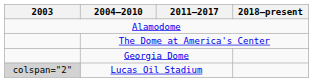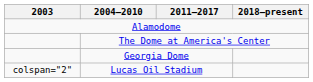 <table class="wikitable" style="text-align: center;">
 <tr>
 <th style="min-width: 8em;">2003</th>
 <th style="min-width: 8em;">2004–2010</th>
 <th style="min-width: 8em;">2011–2017</th>
 <th style="min-width: 8em;">2018–present</th>
 </tr>
 <tr>
 <td colspan="4"><a href='#'>Alamodome</a></td>
 </tr>
 <tr>
 <td></td>
 <td colspan="3"><a href='#'>The Dome at America's Center</a></td>
 </tr>
 <tr>
 <td></td>
 <td colspan="2"><a href='#'>Georgia Dome</a></td>
 <td></td>
 </tr>
 <tr>
-<td style="background: lightgrey;">colspan="2" </td>
+<td>colspan="2" </td>
 <td colspan="2"><a href='#'>Lucas Oil Stadium</a></td>
 </tr>
 </table>
